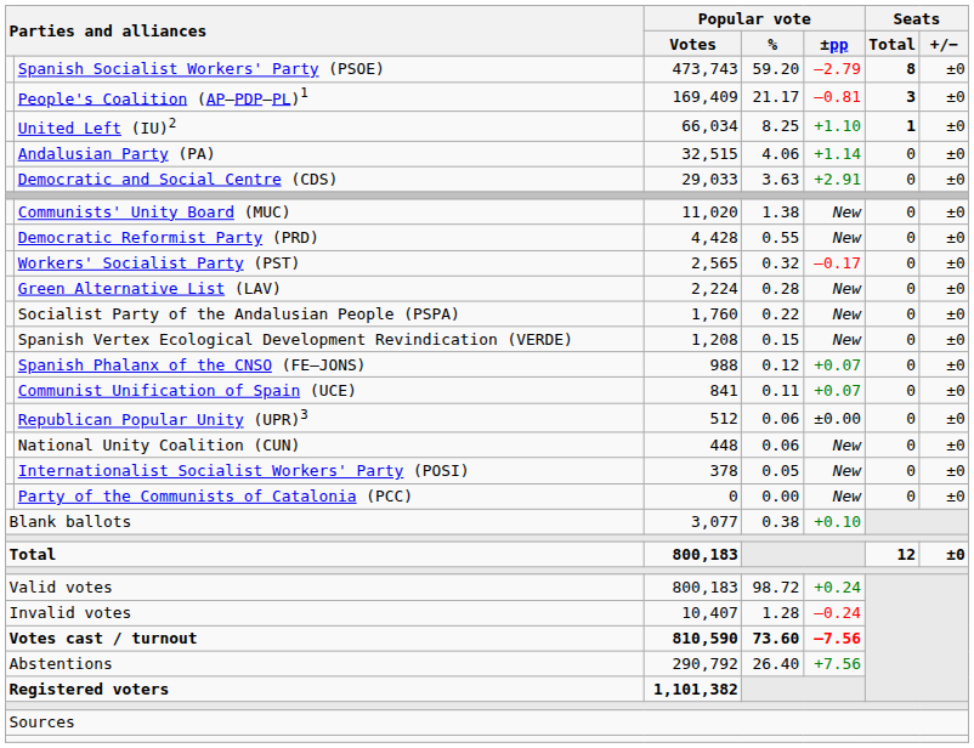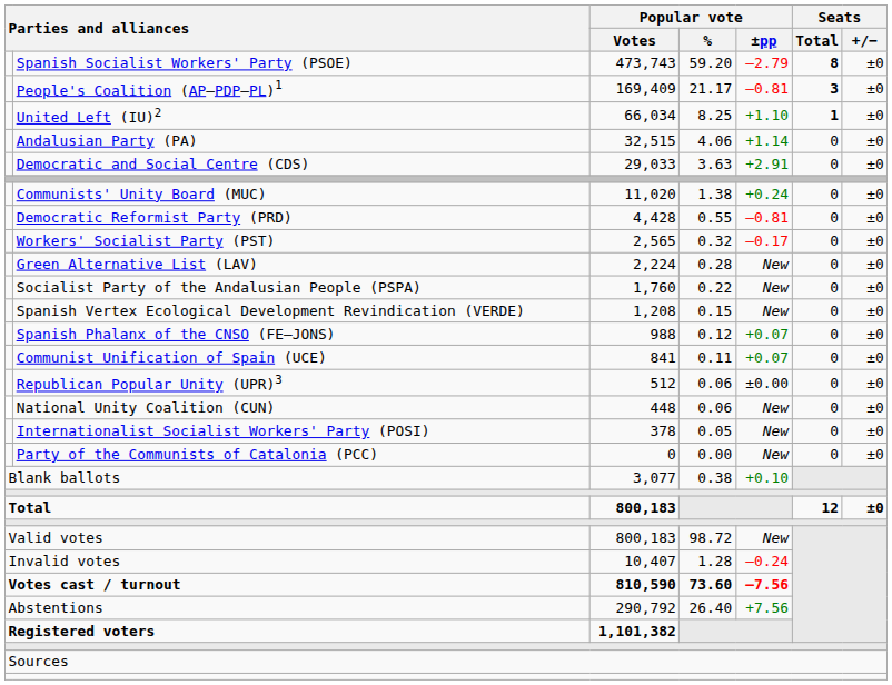 <table class="wikitable" style="text-align:right;">
 <tr>
 <th style="text-align:left;" rowspan="2" colspan="2" width="525">Parties and alliances</th>
 <th colspan="3">Popular vote</th>
 <th colspan="2">Seats</th>
 </tr>
 <tr>
 <th width="75">Votes</th>
 <th width="45">%</th>
 <th width="45">±<a href='#'>pp</a></th>
 <th width="35">Total</th>
 <th width="35">+/−</th>
 </tr>
 <tr>
 <td width="1" style="color:inherit;background:"></td>
 <td align="left"><a href='#'>Spanish Socialist Workers' Party</a> (PSOE)</td>
 <td>473,743</td>
 <td>59.20</td>
 <td style="color:red;">–2.79</td>
 <td><strong>8</strong></td>
 <td>±0</td>
 </tr>
 <tr>
 <td style="color:inherit;background:"></td>
 <td align="left"><a href='#'>People's Coalition</a> (<a href='#'>AP</a>–<a href='#'>PDP</a>–<a href='#'>PL</a>)<sup>1</sup></td>
 <td>169,409</td>
 <td>21.17</td>
 <td style="color:red;">–0.81</td>
 <td><strong>3</strong></td>
 <td>±0</td>
 </tr>
 <tr>
 <td style="color:inherit;background:"></td>
 <td align="left"><a href='#'>United Left</a> (IU)<sup>2</sup></td>
 <td>66,034</td>
 <td>8.25</td>
 <td style="color:green;">+1.10</td>
 <td><strong>1</strong></td>
 <td>±0</td>
 </tr>
 <tr>
 <td style="color:inherit;background:"></td>
 <td align="left"><a href='#'>Andalusian Party</a> (PA)</td>
 <td>32,515</td>
 <td>4.06</td>
 <td style="color:green;">+1.14</td>
 <td>0</td>
 <td>±0</td>
 </tr>
 <tr>
 <td style="color:inherit;background:"></td>
 <td align="left"><a href='#'>Democratic and Social Centre</a> (CDS)</td>
 <td>29,033</td>
 <td>3.63</td>
 <td style="color:green;">+2.91</td>
 <td>0</td>
 <td>±0</td>
 </tr>
 <tr>
 <td colspan="7" bgcolor="#C0C0C0"></td>
 </tr>
 <tr>
 <td style="color:inherit;background:"></td>
 <td align="left"><a href='#'>Communists' Unity Board</a> (MUC)</td>
 <td>11,020</td>
 <td>1.38</td>
-<td><em>New</em></td>
+<td style="color:green;">+0.24</td>
 <td>0</td>
 <td>±0</td>
 </tr>
 <tr>
 <td style="color:inherit;background:"></td>
 <td align="left"><a href='#'>Democratic Reformist Party</a> (PRD)</td>
 <td>4,428</td>
 <td>0.55</td>
-<td><em>New</em></td>
+<td style="color:red;">–0.81</td>
 <td>0</td>
 <td>±0</td>
 </tr>
 <tr>
 <td style="color:inherit;background:"></td>
 <td align="left"><a href='#'>Workers' Socialist Party</a> (PST)</td>
 <td>2,565</td>
 <td>0.32</td>
 <td style="color:red;">–0.17</td>
 <td>0</td>
 <td>±0</td>
 </tr>
 <tr>
 <td style="color:inherit;background:"></td>
 <td align="left"><a href='#'>Green Alternative List</a> (LAV)</td>
 <td>2,224</td>
 <td>0.28</td>
 <td><em>New</em></td>
 <td>0</td>
 <td>±0</td>
 </tr>
 <tr>
 <td style="color:inherit;background:"></td>
 <td align="left">Socialist Party of the Andalusian People (PSPA)</td>
 <td>1,760</td>
 <td>0.22</td>
 <td><em>New</em></td>
 <td>0</td>
 <td>±0</td>
 </tr>
 <tr>
 <td style="color:inherit;background:"></td>
 <td align="left">Spanish Vertex Ecological Development Revindication (VERDE)</td>
 <td>1,208</td>
 <td>0.15</td>
 <td><em>New</em></td>
 <td>0</td>
 <td>±0</td>
 </tr>
 <tr>
 <td style="color:inherit;background:"></td>
 <td align="left"><a href='#'>Spanish Phalanx of the CNSO</a> (FE–JONS)</td>
 <td>988</td>
 <td>0.12</td>
 <td style="color:green;">+0.07</td>
 <td>0</td>
 <td>±0</td>
 </tr>
 <tr>
 <td style="color:inherit;background:"></td>
 <td align="left"><a href='#'>Communist Unification of Spain</a> (UCE)</td>
 <td>841</td>
 <td>0.11</td>
 <td style="color:green;">+0.07</td>
 <td>0</td>
 <td>±0</td>
 </tr>
 <tr>
 <td style="color:inherit;background:"></td>
 <td align="left"><a href='#'>Republican Popular Unity</a> (UPR)<sup>3</sup></td>
 <td>512</td>
 <td>0.06</td>
 <td>±0.00</td>
 <td>0</td>
 <td>±0</td>
 </tr>
 <tr>
 <td bgcolor="white"></td>
 <td align="left">National Unity Coalition (CUN)</td>
 <td>448</td>
 <td>0.06</td>
 <td><em>New</em></td>
 <td>0</td>
 <td>±0</td>
 </tr>
 <tr>
 <td style="color:inherit;background:"></td>
 <td align="left"><a href='#'>Internationalist Socialist Workers' Party</a> (POSI)</td>
 <td>378</td>
 <td>0.05</td>
 <td><em>New</em></td>
 <td>0</td>
 <td>±0</td>
 </tr>
 <tr>
 <td style="color:inherit;background:"></td>
 <td align="left"><a href='#'>Party of the Communists of Catalonia</a> (PCC)</td>
 <td>0</td>
 <td>0.00</td>
 <td><em>New</em></td>
 <td>0</td>
 <td>±0</td>
 </tr>
 <tr>
 <td align="left" colspan="2">Blank ballots</td>
 <td>3,077</td>
 <td>0.38</td>
 <td style="color:green;">+0.10</td>
 <td bgcolor="#E9E9E9" colspan="2"></td>
 </tr>
 <tr>
 <td colspan="7" bgcolor="#E9E9E9"></td>
 </tr>
 <tr style="font-weight:bold;">
 <td align="left" colspan="2">Total</td>
 <td>800,183</td>
 <td bgcolor="#E9E9E9" colspan="2"></td>
 <td>12</td>
 <td>±0</td>
 </tr>
 <tr>
 <td colspan="7" bgcolor="#E9E9E9"></td>
 </tr>
 <tr>
 <td align="left" colspan="2">Valid votes</td>
 <td>800,183</td>
 <td>98.72</td>
-<td style="color:green;">+0.24</td>
+<td><em>New</em></td>
 <td bgcolor="#E9E9E9" colspan="2" rowspan="5"></td>
 </tr>
 <tr>
 <td align="left" colspan="2">Invalid votes</td>
 <td>10,407</td>
 <td>1.28</td>
 <td style="color:red;">–0.24</td>
 </tr>
 <tr style="font-weight:bold;">
 <td align="left" colspan="2">Votes cast / turnout</td>
 <td>810,590</td>
 <td>73.60</td>
 <td style="color:red;">–7.56</td>
 </tr>
 <tr>
 <td align="left" colspan="2">Abstentions</td>
 <td>290,792</td>
 <td>26.40</td>
 <td style="color:green;">+7.56</td>
 </tr>
 <tr style="font-weight:bold;">
 <td align="left" colspan="2">Registered voters</td>
 <td>1,101,382</td>
 <td bgcolor="#E9E9E9" colspan="2"></td>
 </tr>
 <tr>
 <td colspan="7" bgcolor="#E9E9E9"></td>
 </tr>
 <tr>
 <td align="left" colspan="7">Sources</td>
 </tr>
 <tr>
 <td colspan="7" style="text-align:left; max-width:790px;"></td>
 </tr>
 </table>
